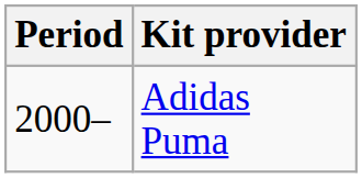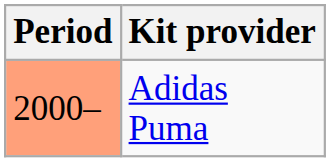 <table class="wikitable" style="text-align: left">
 <tr>
 <th>Period</th>
 <th>Kit provider</th>
 </tr>
 <tr>
-<td>2000–</td>
+<td style="background: lightsalmon;">2000–</td>
 <td><a href='#'>Adidas</a><br><a href='#'>Puma</a></td>
 </tr>
 </table>
